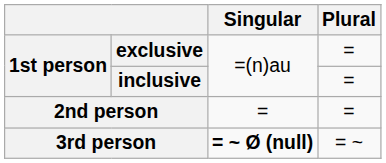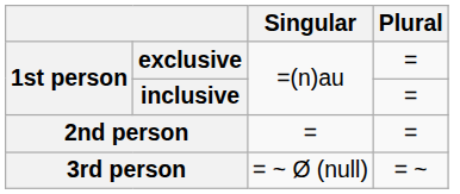 <table class="wikitable" style="text-align:center;">
 <tr>
 <th colspan="2"></th>
 <th>Singular</th>
 <th>Plural</th>
 </tr>
 <tr>
 <th rowspan="2">1st person</th>
 <th>exclusive</th>
 <td rowspan="2">=(n)au</td>
 <td>=</td>
 </tr>
 <tr>
 <th>inclusive</th>
 <td>=</td>
 </tr>
 <tr>
 <th colspan="2">2nd person</th>
 <td>=</td>
 <td>=</td>
 </tr>
 <tr>
 <th colspan="2">3rd person</th>
-<td><strong>= ~ Ø (null)</strong></td>
+<td>= ~ Ø (null)</td>
 <td>= ~ </td>
 </tr>
 </table>
